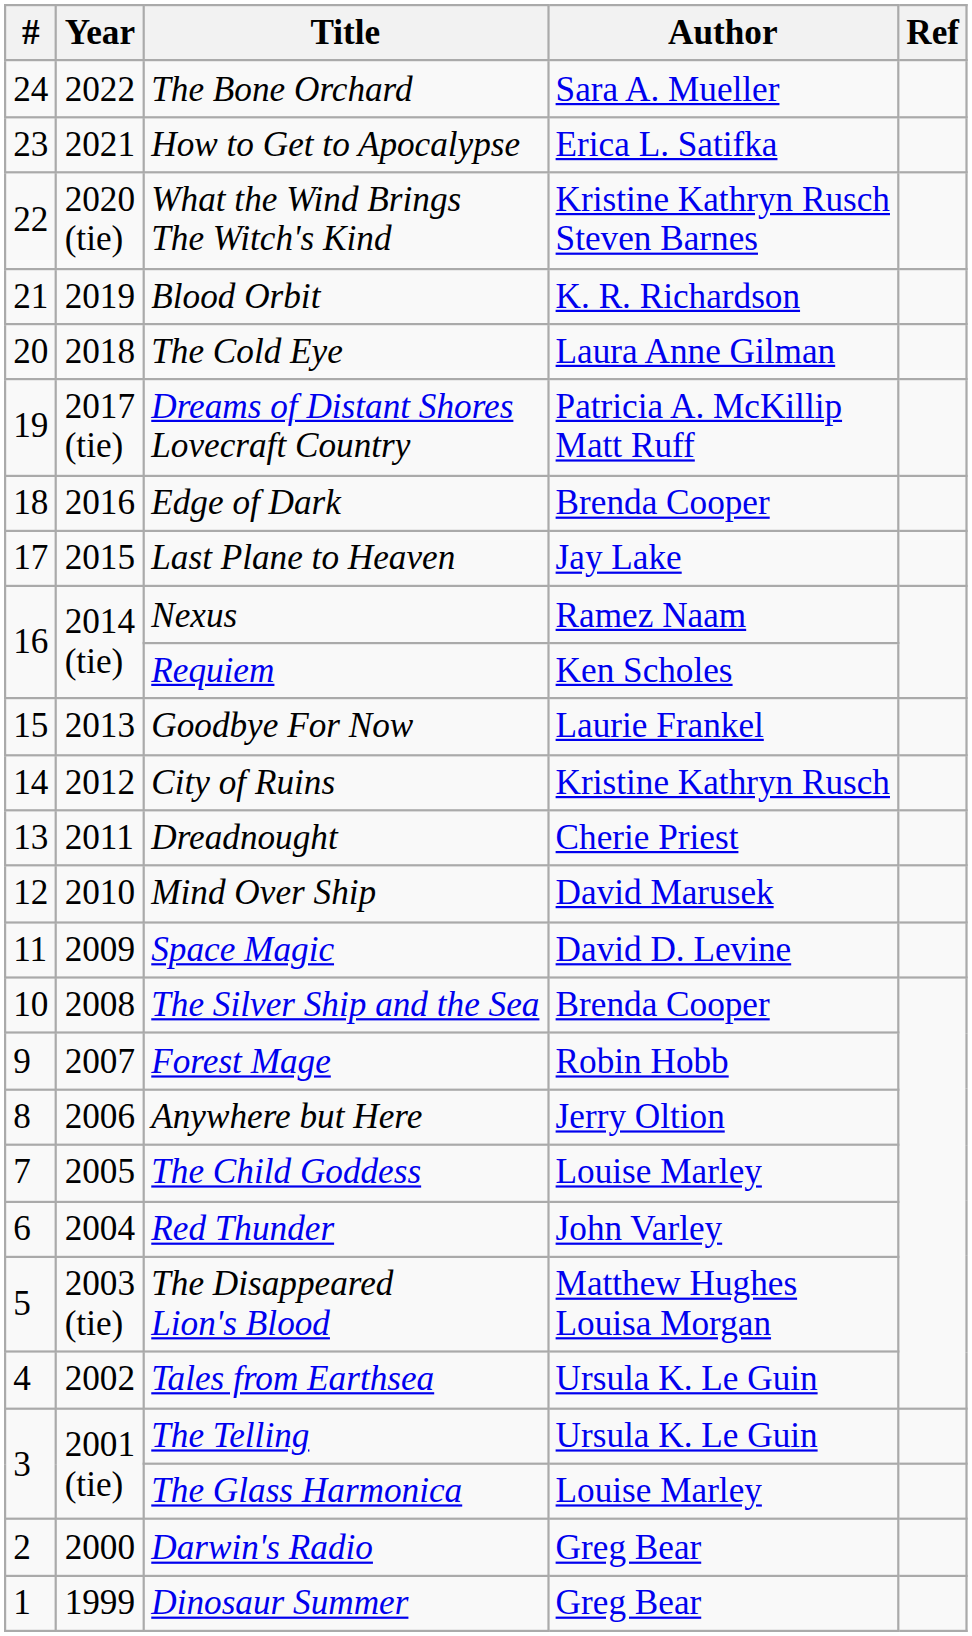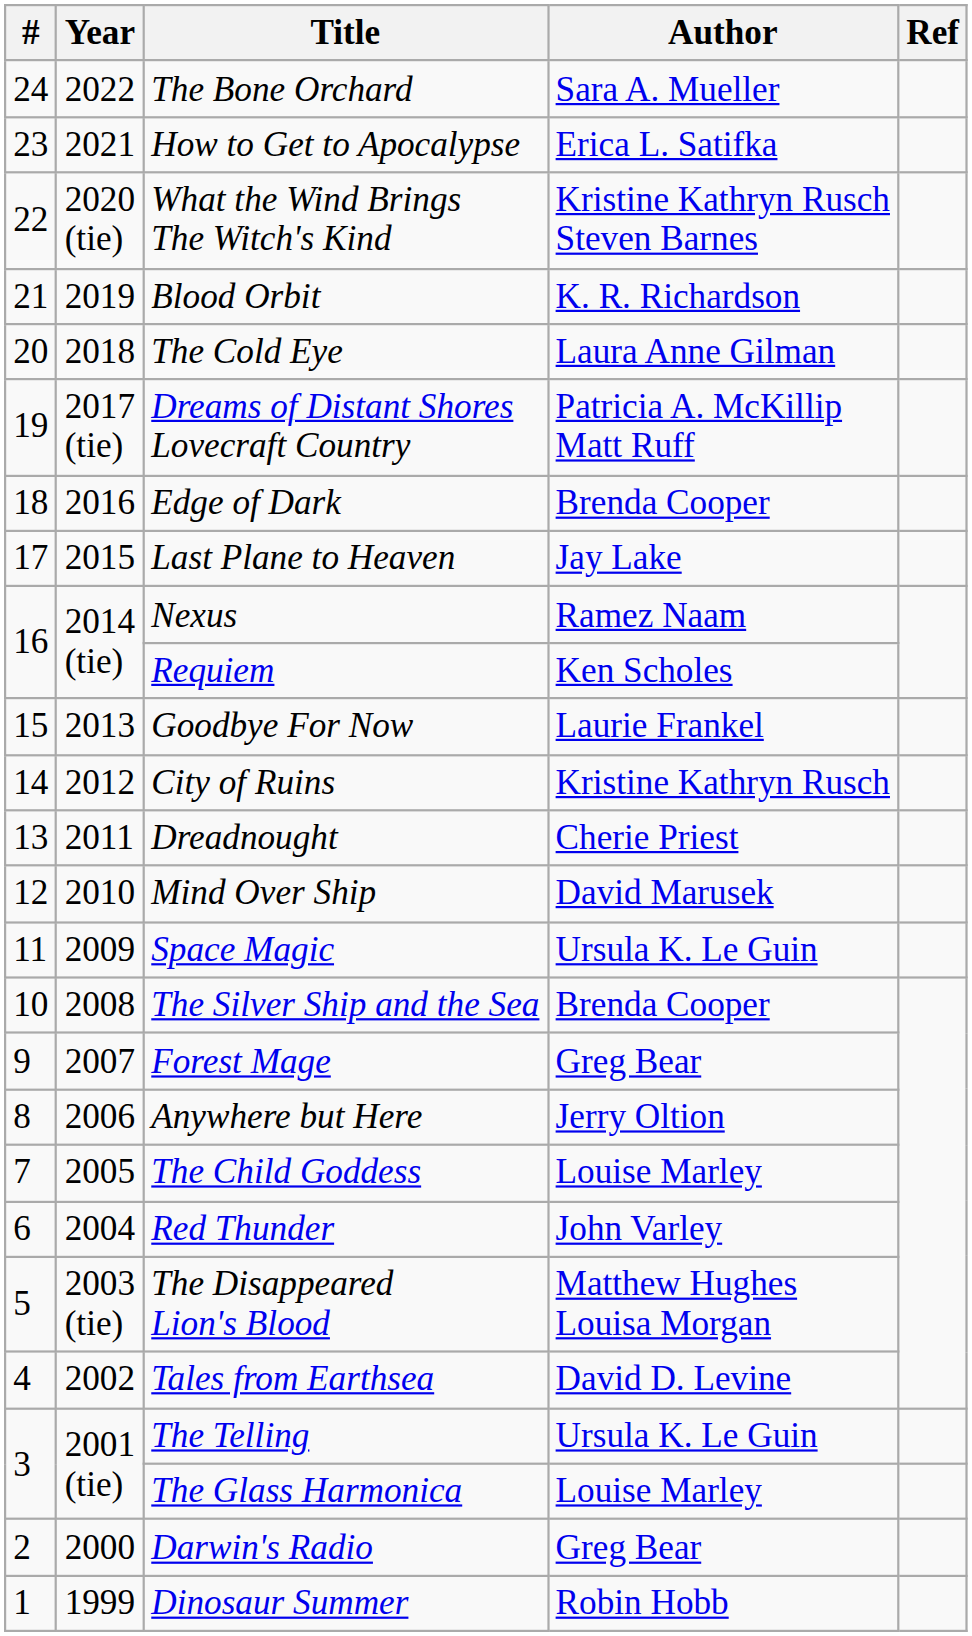 <table class="wikitable">
 <tr>
 <th>#</th>
 <th>Year</th>
 <th>Title</th>
 <th>Author</th>
 <th>Ref</th>
 </tr>
 <tr>
 <td>24</td>
 <td>2022</td>
 <td><em>The Bone Orchard</em></td>
 <td><a href='#'>Sara A. Mueller</a></td>
 <td></td>
 </tr>
 <tr>
 <td>23</td>
 <td>2021</td>
 <td><em>How to Get to Apocalypse</em></td>
 <td><a href='#'>Erica L. Satifka</a></td>
 <td></td>
 </tr>
 <tr>
 <td>22</td>
 <td>2020<br>(tie)</td>
 <td><em>What the Wind Brings</em><br><em>The Witch's Kind</em></td>
 <td><a href='#'>Kristine Kathryn Rusch</a><br><a href='#'>Steven Barnes</a></td>
 <td></td>
 </tr>
 <tr>
 <td>21</td>
 <td>2019</td>
 <td><em>Blood Orbit</em></td>
 <td><a href='#'>K. R. Richardson</a></td>
 <td></td>
 </tr>
 <tr>
 <td>20</td>
 <td>2018</td>
 <td><em>The Cold Eye</em></td>
 <td><a href='#'>Laura Anne Gilman</a></td>
 <td></td>
 </tr>
 <tr>
 <td>19</td>
 <td>2017<br>(tie)</td>
 <td><em><a href='#'>Dreams of Distant Shores</a></em><br> <em>Lovecraft Country</em></td>
 <td><a href='#'>Patricia A. McKillip</a><br> <a href='#'>Matt Ruff</a></td>
 <td></td>
 </tr>
 <tr>
 <td>18</td>
 <td>2016</td>
 <td><em>Edge of Dark</em></td>
 <td><a href='#'>Brenda Cooper</a></td>
 <td></td>
 </tr>
 <tr>
 <td>17</td>
 <td>2015</td>
 <td><em>Last Plane to Heaven</em></td>
 <td><a href='#'>Jay Lake</a></td>
 <td></td>
 </tr>
 <tr>
 <td rowspan="2">16</td>
 <td rowspan="2">2014<br>(tie)</td>
 <td><em>Nexus</em></td>
 <td><a href='#'>Ramez Naam</a></td>
 <td rowspan="2"></td>
 </tr>
 <tr>
 <td><em><a href='#'>Requiem</a></em></td>
 <td><a href='#'>Ken Scholes</a></td>
 </tr>
 <tr>
 <td>15</td>
 <td>2013</td>
 <td><em>Goodbye For Now</em></td>
 <td><a href='#'>Laurie Frankel</a></td>
 <td></td>
 </tr>
 <tr>
 <td>14</td>
 <td>2012</td>
 <td><em>City of Ruins</em></td>
 <td><a href='#'>Kristine Kathryn Rusch</a></td>
 <td></td>
 </tr>
 <tr>
 <td>13</td>
 <td>2011</td>
 <td><em>Dreadnought</em></td>
 <td><a href='#'>Cherie Priest</a></td>
 <td></td>
 </tr>
 <tr>
 <td>12</td>
 <td>2010</td>
 <td><em>Mind Over Ship</em></td>
 <td><a href='#'>David Marusek</a></td>
 <td></td>
 </tr>
 <tr>
 <td>11</td>
 <td>2009</td>
 <td><em><a href='#'>Space Magic</a></em></td>
-<td><a href='#'>David D. Levine</a></td>
+<td><a href='#'>Ursula K. Le Guin</a></td>
 <td></td>
 </tr>
 <tr>
 <td>10</td>
 <td>2008</td>
 <td><em><a href='#'>The Silver Ship and the Sea</a></em></td>
 <td><a href='#'>Brenda Cooper</a></td>
 <td rowspan="7"></td>
 </tr>
 <tr>
 <td>9</td>
 <td>2007</td>
 <td><em><a href='#'>Forest Mage</a></em></td>
-<td><a href='#'>Robin Hobb</a></td>
+<td><a href='#'>Greg Bear</a></td>
 </tr>
 <tr>
 <td>8</td>
 <td>2006</td>
 <td><em>Anywhere but Here</em></td>
 <td><a href='#'>Jerry Oltion</a></td>
 </tr>
 <tr>
 <td>7</td>
 <td>2005</td>
 <td><em><a href='#'>The Child Goddess</a></em></td>
 <td><a href='#'>Louise Marley</a></td>
 </tr>
 <tr>
 <td>6</td>
 <td>2004</td>
 <td><em><a href='#'>Red Thunder</a></em></td>
 <td><a href='#'>John Varley</a></td>
 </tr>
 <tr>
 <td>5</td>
 <td>2003<br>(tie)</td>
 <td><em>The Disappeared</em><br><em><a href='#'>Lion's Blood</a></em></td>
 <td><a href='#'>Matthew Hughes</a><br><a href='#'>Louisa Morgan</a></td>
 </tr>
 <tr>
 <td>4</td>
 <td>2002</td>
 <td><em><a href='#'>Tales from Earthsea</a></em></td>
-<td><a href='#'>Ursula K. Le Guin</a></td>
+<td><a href='#'>David D. Levine</a></td>
 </tr>
 <tr>
 <td rowspan="2">3</td>
 <td rowspan="2">2001<br>(tie)</td>
 <td><em><a href='#'>The Telling</a></em></td>
 <td><a href='#'>Ursula K. Le Guin</a></td>
 <td></td>
 </tr>
 <tr>
 <td><em><a href='#'>The Glass Harmonica</a></em></td>
 <td><a href='#'>Louise Marley</a></td>
 <td></td>
 </tr>
 <tr>
 <td>2</td>
 <td>2000</td>
 <td><em><a href='#'>Darwin's Radio</a></em></td>
 <td><a href='#'>Greg Bear</a></td>
 <td></td>
 </tr>
 <tr>
 <td>1</td>
 <td>1999</td>
 <td><em><a href='#'>Dinosaur Summer</a></em></td>
-<td><a href='#'>Greg Bear</a></td>
+<td><a href='#'>Robin Hobb</a></td>
 <td></td>
 </tr>
 </table>
